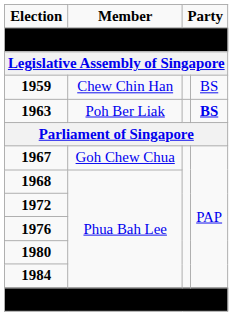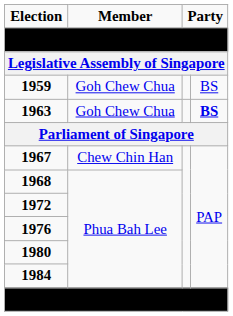 <table class="wikitable" align="center" style="text-align:center">
 <tr>
 <td><strong>Election </strong></td>
 <td><strong>Member</strong></td>
 <td colspan="2"><strong>Party</strong></td>
 </tr>
 <tr>
 <td colspan=4 bgcolor=black><span><strong>Formation</strong></span></td>
 </tr>
 <tr>
 <th colspan="4"><a href='#'>Legislative Assembly of Singapore</a></th>
 </tr>
 <tr>
 <td><strong>1959</strong></td>
-<td><a href='#'>Chew Chin Han</a></td>
+<td><a href='#'>Goh Chew Chua</a></td>
 <td></td>
 <td><a href='#'>BS</a></td>
 </tr>
 <tr>
 <td><strong>1963</strong></td>
-<td><a href='#'>Poh Ber Liak</a></td>
+<td><a href='#'>Goh Chew Chua</a></td>
 <td></td>
 <td><strong><a href='#'>BS</a></strong></td>
 </tr>
 <tr>
 <th colspan="4"><a href='#'>Parliament of Singapore</a></th>
 </tr>
 <tr>
 <td><strong>1967</strong></td>
-<td><a href='#'>Goh Chew Chua</a></td>
+<td><a href='#'>Chew Chin Han</a></td>
 <td rowspan="6"></td>
 <td rowspan="6"><a href='#'>PAP</a></td>
 </tr>
 <tr>
 <td><strong>1968</strong></td>
 <td rowspan="5"><a href='#'>Phua Bah Lee</a></td>
 </tr>
 <tr>
 <td><strong>1972</strong></td>
 </tr>
 <tr>
 <td><strong>1976</strong></td>
 </tr>
 <tr>
 <td><strong>1980</strong></td>
 </tr>
 <tr>
 <td><strong>1984</strong></td>
 </tr>
 <tr>
 <td colspan=4 bgcolor=black><span><strong>Constituency abolished (1988)</strong></span></td>
 </tr>
 </table>
